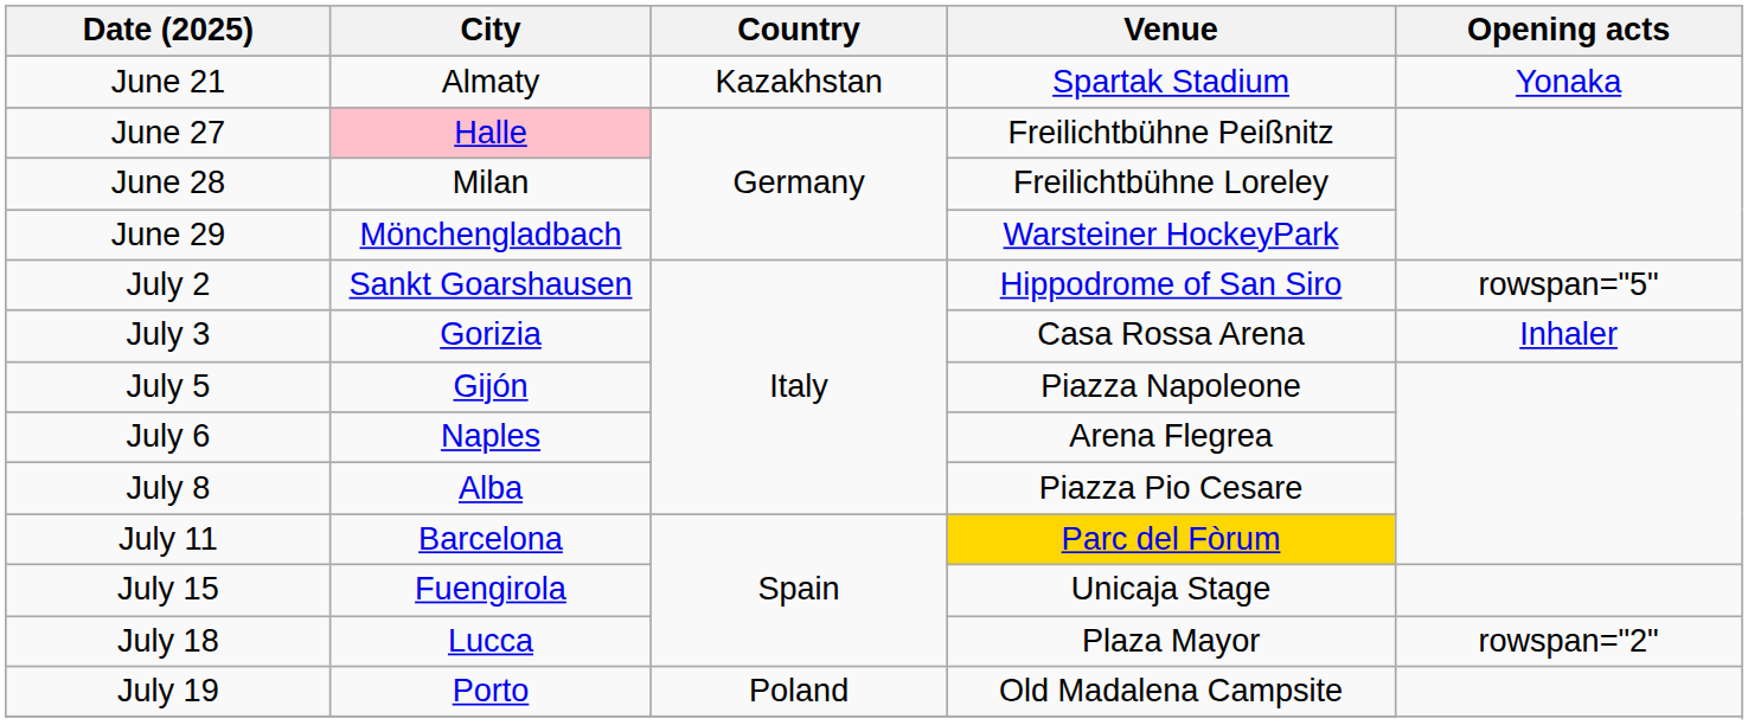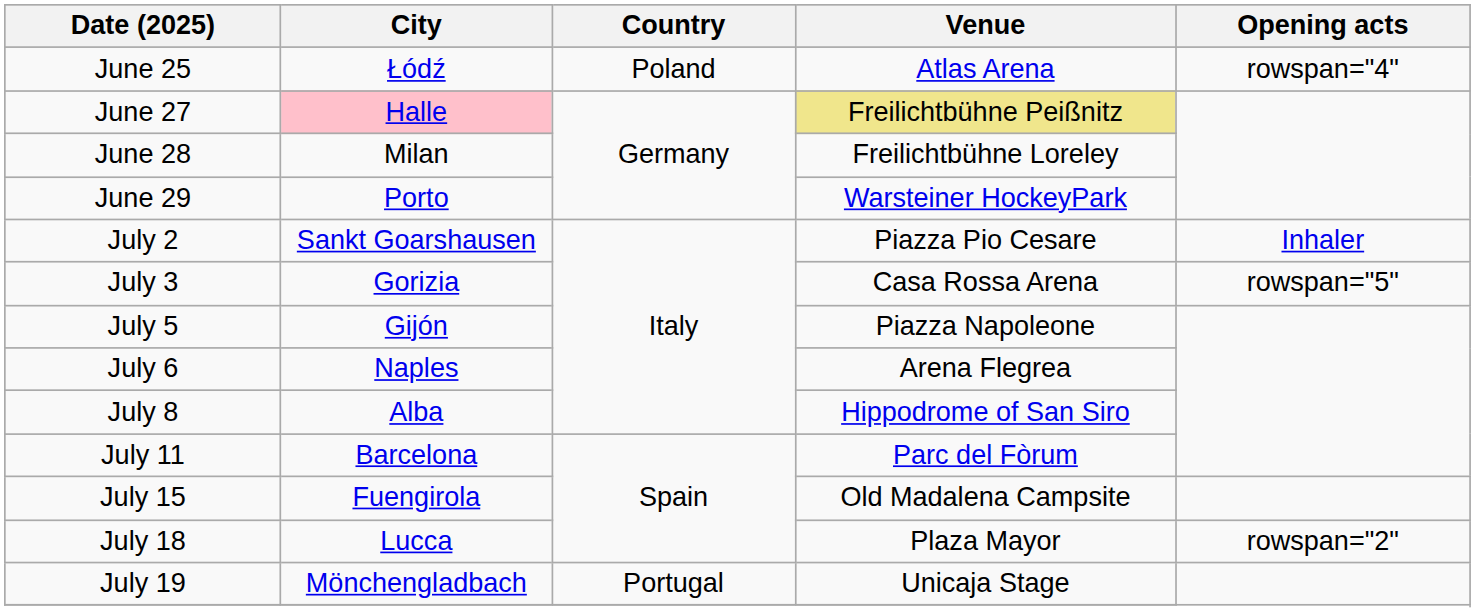 <table class="wikitable" style="text-align:center;">
 <tr>
 <th scope="col" style="width:12em;">Date (2025)</th>
 <th scope="col" style="width:10em;">City</th>
 <th scope="col" style="width:10em;">Country</th>
 <th scope="col" style="width:16em;">Venue</th>
 <th scope="col" style="width:12em;">Opening acts</th>
 </tr>
 <tr>
-<td>June 21</td>
-<td>Almaty</td>
-<td>Kazakhstan</td>
-<td><a href='#'>Spartak Stadium</a></td>
-<td><a href='#'>Yonaka</a></td>
+<td>June 25</td>
+<td><a href='#'>Łódź</a></td>
+<td>Poland</td>
+<td><a href='#'>Atlas Arena</a></td>
+<td>rowspan="4" </td>
 </tr>
 <tr>
 <td>June 27</td>
 <td style="background: pink;"><a href='#'>Halle</a></td>
 <td rowspan="3">Germany</td>
-<td>Freilichtbühne Peißnitz</td>
+<td style="background: khaki;">Freilichtbühne Peißnitz</td>
 </tr>
 <tr>
 <td>June 28</td>
 <td>Milan</td>
 <td>Freilichtbühne Loreley</td>
 </tr>
 <tr>
 <td>June 29</td>
-<td><a href='#'>Mönchengladbach</a></td>
+<td><a href='#'>Porto</a></td>
 <td><a href='#'>Warsteiner HockeyPark</a></td>
 </tr>
 <tr>
 <td>July 2</td>
 <td><a href='#'>Sankt Goarshausen</a></td>
 <td rowspan="5">Italy</td>
-<td><a href='#'>Hippodrome of San Siro</a></td>
-<td>rowspan="5" </td>
+<td>Piazza Pio Cesare</td>
+<td><a href='#'>Inhaler</a></td>
 </tr>
 <tr>
 <td>July 3</td>
 <td><a href='#'>Gorizia</a></td>
 <td>Casa Rossa Arena</td>
-<td><a href='#'>Inhaler</a></td>
+<td>rowspan="5" </td>
 </tr>
 <tr>
 <td>July 5</td>
 <td><a href='#'>Gijón</a></td>
 <td>Piazza Napoleone</td>
 </tr>
 <tr>
 <td>July 6</td>
 <td><a href='#'>Naples</a></td>
 <td>Arena Flegrea</td>
 </tr>
 <tr>
 <td>July 8</td>
 <td><a href='#'>Alba</a></td>
-<td>Piazza Pio Cesare</td>
+<td><a href='#'>Hippodrome of San Siro</a></td>
 </tr>
 <tr>
 <td>July 11</td>
 <td><a href='#'>Barcelona</a></td>
 <td rowspan="3">Spain</td>
-<td style="background: gold;"><a href='#'>Parc del Fòrum</a></td>
+<td><a href='#'>Parc del Fòrum</a></td>
 </tr>
 <tr>
 <td>July 15</td>
 <td><a href='#'>Fuengirola</a></td>
-<td>Unicaja Stage</td>
+<td>Old Madalena Campsite</td>
 <td></td>
 </tr>
 <tr>
 <td>July 18</td>
 <td><a href='#'>Lucca</a></td>
 <td>Plaza Mayor</td>
 <td>rowspan="2" </td>
 </tr>
 <tr>
 <td>July 19</td>
-<td><a href='#'>Porto</a></td>
-<td>Poland</td>
-<td>Old Madalena Campsite</td>
+<td><a href='#'>Mönchengladbach</a></td>
+<td>Portugal</td>
+<td>Unicaja Stage</td>
 </tr>
 <tr>
 </tr>
 </table>
